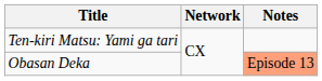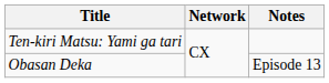 <table class="wikitable">
 <tr>
 <th>Title</th>
 <th>Network</th>
 <th>Notes</th>
 </tr>
 <tr>
 <td><em>Ten-kiri Matsu: Yami ga tari</em></td>
 <td rowspan="2">CX</td>
 <td></td>
 </tr>
 <tr>
 <td><em>Obasan Deka</em></td>
-<td style="background: lightsalmon;">Episode 13</td>
+<td>Episode 13</td>
 </tr>
 </table>
